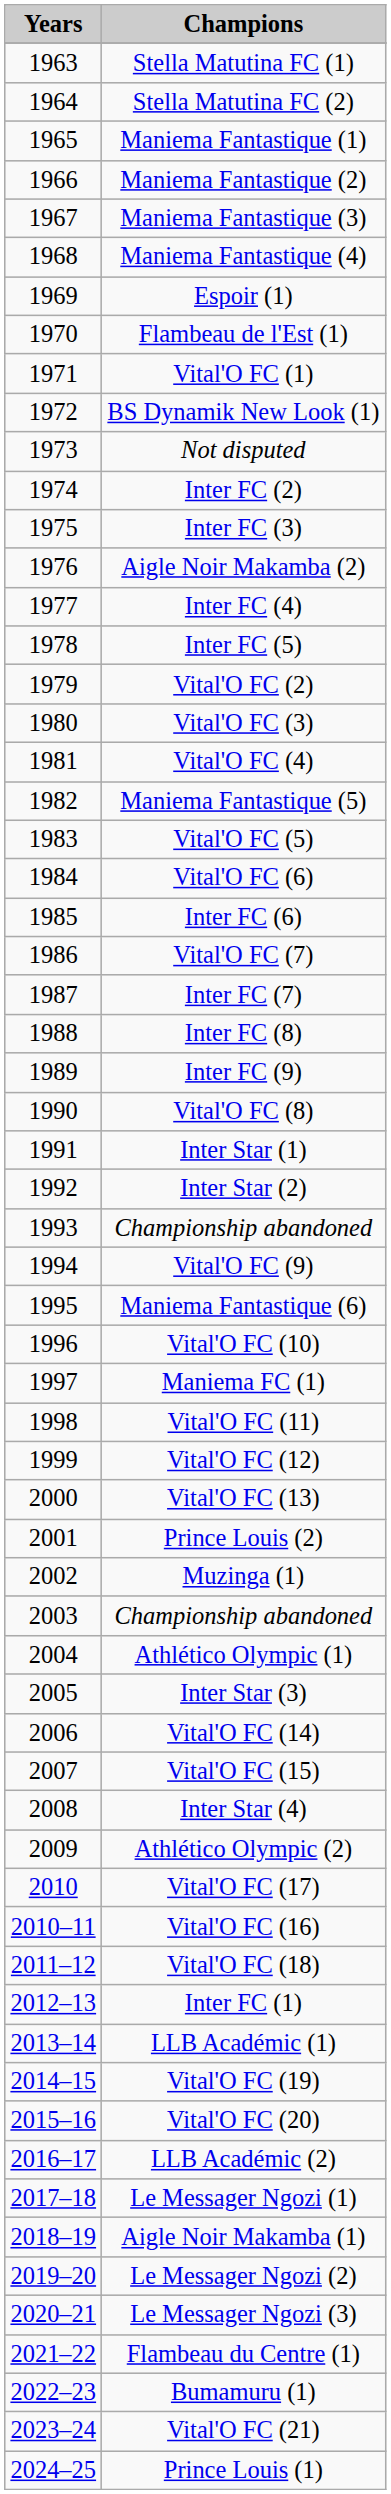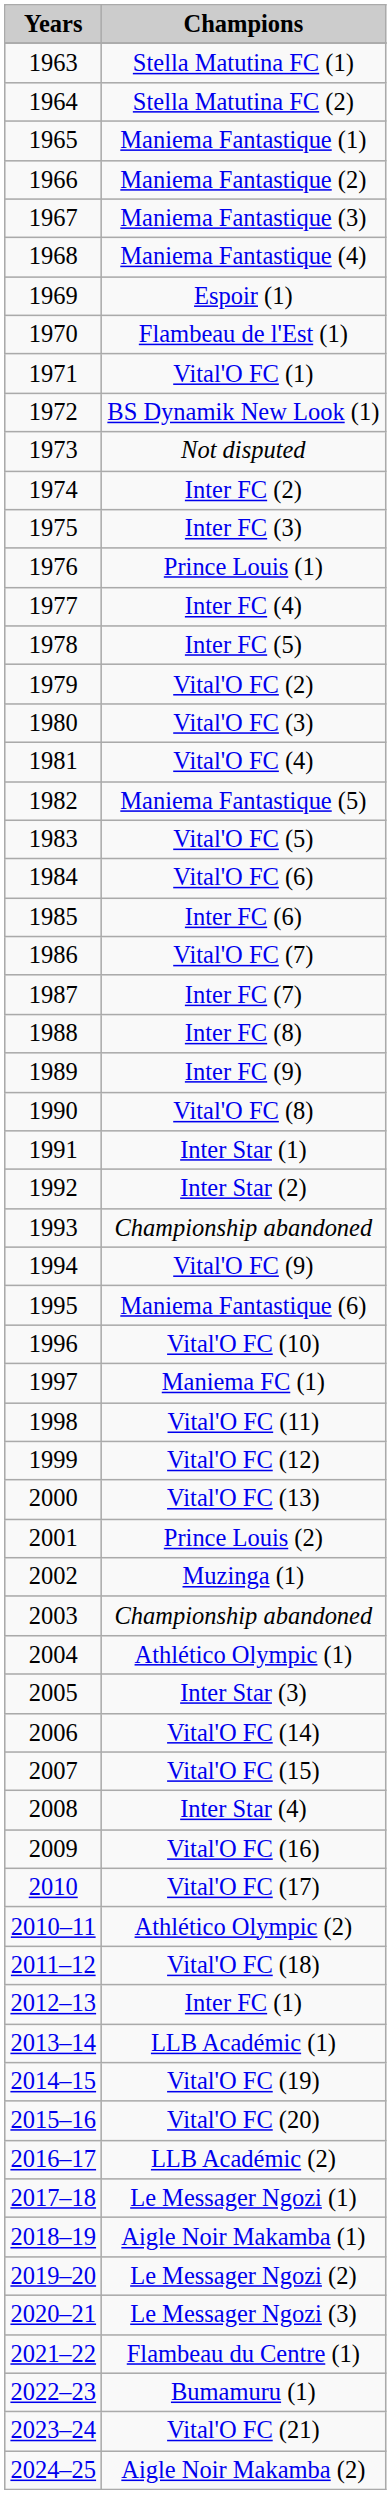 <table class="wikitable" style="text-align: center;">
 <tr bgcolor="#CCCCCC">
 <td><strong>Years</strong></td>
 <td><strong>Champions</strong></td>
 </tr>
 <tr bgcolor="#EFEFEF">
 </tr>
 <tr>
 <td>1963</td>
 <td><a href='#'>Stella Matutina FC</a> (1)</td>
 </tr>
 <tr>
 <td>1964</td>
 <td><a href='#'>Stella Matutina FC</a> (2)</td>
 </tr>
 <tr>
 <td>1965</td>
 <td><a href='#'>Maniema Fantastique</a> (1)</td>
 </tr>
 <tr>
 <td>1966</td>
 <td><a href='#'>Maniema Fantastique</a> (2)</td>
 </tr>
 <tr>
 <td>1967</td>
 <td><a href='#'>Maniema Fantastique</a> (3)</td>
 </tr>
 <tr>
 <td>1968</td>
 <td><a href='#'>Maniema Fantastique</a> (4)</td>
 </tr>
 <tr>
 <td>1969</td>
 <td><a href='#'>Espoir</a> (1)</td>
 </tr>
 <tr>
 <td>1970</td>
 <td><a href='#'>Flambeau de l'Est</a> (1)</td>
 </tr>
 <tr>
 <td>1971</td>
 <td><a href='#'>Vital'O FC</a> (1)</td>
 </tr>
 <tr>
 <td>1972</td>
 <td><a href='#'>BS Dynamik New Look</a> (1)</td>
 </tr>
 <tr>
 <td>1973</td>
 <td><em>Not disputed</em></td>
 </tr>
 <tr>
 <td>1974</td>
 <td><a href='#'>Inter FC</a> (2)</td>
 </tr>
 <tr>
 <td>1975</td>
 <td><a href='#'>Inter FC</a> (3)</td>
 </tr>
 <tr>
 <td>1976</td>
-<td><a href='#'>Aigle Noir Makamba</a> (2)</td>
+<td><a href='#'>Prince Louis</a> (1)</td>
 </tr>
 <tr>
 <td>1977</td>
 <td><a href='#'>Inter FC</a> (4)</td>
 </tr>
 <tr>
 <td>1978</td>
 <td><a href='#'>Inter FC</a> (5)</td>
 </tr>
 <tr>
 <td>1979</td>
 <td><a href='#'>Vital'O FC</a> (2)</td>
 </tr>
 <tr>
 <td>1980</td>
 <td><a href='#'>Vital'O FC</a> (3)</td>
 </tr>
 <tr>
 <td>1981</td>
 <td><a href='#'>Vital'O FC</a> (4)</td>
 </tr>
 <tr>
 <td>1982</td>
 <td><a href='#'>Maniema Fantastique</a> (5)</td>
 </tr>
 <tr>
 <td>1983</td>
 <td><a href='#'>Vital'O FC</a> (5)</td>
 </tr>
 <tr>
 <td>1984</td>
 <td><a href='#'>Vital'O FC</a> (6)</td>
 </tr>
 <tr>
 <td>1985</td>
 <td><a href='#'>Inter FC</a> (6)</td>
 </tr>
 <tr>
 <td>1986</td>
 <td><a href='#'>Vital'O FC</a> (7)</td>
 </tr>
 <tr>
 <td>1987</td>
 <td><a href='#'>Inter FC</a> (7)</td>
 </tr>
 <tr>
 <td>1988</td>
 <td><a href='#'>Inter FC</a> (8)</td>
 </tr>
 <tr>
 <td>1989</td>
 <td><a href='#'>Inter FC</a> (9)</td>
 </tr>
 <tr>
 <td>1990</td>
 <td><a href='#'>Vital'O FC</a> (8)</td>
 </tr>
 <tr>
 <td>1991</td>
 <td><a href='#'>Inter Star</a> (1)</td>
 </tr>
 <tr>
 <td>1992</td>
 <td><a href='#'>Inter Star</a> (2)</td>
 </tr>
 <tr>
 <td>1993</td>
 <td><em>Championship abandoned</em></td>
 </tr>
 <tr>
 <td>1994</td>
 <td><a href='#'>Vital'O FC</a> (9)</td>
 </tr>
 <tr>
 <td>1995</td>
 <td><a href='#'>Maniema Fantastique</a> (6)</td>
 </tr>
 <tr>
 <td>1996</td>
 <td><a href='#'>Vital'O FC</a> (10)</td>
 </tr>
 <tr>
 <td>1997</td>
 <td><a href='#'>Maniema FC</a> (1)</td>
 </tr>
 <tr>
 <td>1998</td>
 <td><a href='#'>Vital'O FC</a> (11)</td>
 </tr>
 <tr>
 <td>1999</td>
 <td><a href='#'>Vital'O FC</a> (12)</td>
 </tr>
 <tr>
 <td>2000</td>
 <td><a href='#'>Vital'O FC</a> (13)</td>
 </tr>
 <tr>
 <td>2001</td>
 <td><a href='#'>Prince Louis</a> (2)</td>
 </tr>
 <tr>
 <td>2002</td>
 <td><a href='#'>Muzinga</a> (1)</td>
 </tr>
 <tr>
 <td>2003</td>
 <td><em>Championship abandoned</em></td>
 </tr>
 <tr>
 <td>2004</td>
 <td><a href='#'>Athlético Olympic</a> (1)</td>
 </tr>
 <tr>
 <td>2005</td>
 <td><a href='#'>Inter Star</a> (3)</td>
 </tr>
 <tr>
 <td>2006</td>
 <td><a href='#'>Vital'O FC</a> (14)</td>
 </tr>
 <tr>
 <td>2007</td>
 <td><a href='#'>Vital'O FC</a> (15)</td>
 </tr>
 <tr>
 <td>2008</td>
 <td><a href='#'>Inter Star</a> (4)</td>
 </tr>
 <tr>
 <td>2009</td>
-<td><a href='#'>Athlético Olympic</a> (2)</td>
+<td><a href='#'>Vital'O FC</a> (16)</td>
 </tr>
 <tr>
 <td><a href='#'>2010</a></td>
 <td><a href='#'>Vital'O FC</a> (17)</td>
 </tr>
 <tr>
 <td><a href='#'>2010–11</a></td>
-<td><a href='#'>Vital'O FC</a> (16)</td>
+<td><a href='#'>Athlético Olympic</a> (2)</td>
 </tr>
 <tr>
 <td><a href='#'>2011–12</a></td>
 <td><a href='#'>Vital'O FC</a> (18)</td>
 </tr>
 <tr>
 <td><a href='#'>2012–13</a></td>
 <td><a href='#'>Inter FC</a> (1)</td>
 </tr>
 <tr>
 <td><a href='#'>2013–14</a></td>
 <td><a href='#'>LLB Académic</a> (1)</td>
 </tr>
 <tr>
 <td><a href='#'>2014–15</a></td>
 <td><a href='#'>Vital'O FC</a> (19)</td>
 </tr>
 <tr>
 <td><a href='#'>2015–16</a></td>
 <td><a href='#'>Vital'O FC</a> (20)</td>
 </tr>
 <tr>
 <td><a href='#'>2016–17</a></td>
 <td><a href='#'>LLB Académic</a> (2)</td>
 </tr>
 <tr>
 <td><a href='#'>2017–18</a></td>
 <td><a href='#'>Le Messager Ngozi</a> (1)</td>
 </tr>
 <tr>
 <td><a href='#'>2018–19</a></td>
 <td><a href='#'>Aigle Noir Makamba</a> (1)</td>
 </tr>
 <tr>
 <td><a href='#'>2019–20</a></td>
 <td><a href='#'>Le Messager Ngozi</a> (2)</td>
 </tr>
 <tr>
 <td><a href='#'>2020–21</a></td>
 <td><a href='#'>Le Messager Ngozi</a> (3)</td>
 </tr>
 <tr>
 <td><a href='#'>2021–22</a></td>
 <td><a href='#'>Flambeau du Centre</a> (1)</td>
 </tr>
 <tr>
 <td><a href='#'>2022–23</a></td>
 <td><a href='#'>Bumamuru</a> (1)</td>
 </tr>
 <tr>
 <td><a href='#'>2023–24</a></td>
 <td><a href='#'>Vital'O FC</a> (21)</td>
 </tr>
 <tr>
 <td><a href='#'>2024–25</a></td>
-<td><a href='#'>Prince Louis</a> (1)</td>
+<td><a href='#'>Aigle Noir Makamba</a> (2)</td>
 </tr>
 </table>
